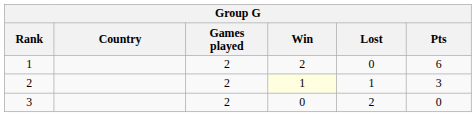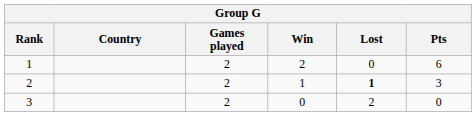 <table class="wikitable" style= "text-align: center; Width:50%">
 <tr>
 <th colspan= 6>Group G</th>
 </tr>
 <tr>
 <th width=2%>Rank</th>
 <th width=10%>Country</th>
 <th width=5%>Games <br> played</th>
 <th width=5%>Win</th>
 <th width=5%>Lost</th>
 <th width=5%>Pts</th>
 </tr>
 <tr>
 <td>1</td>
 <td style= "text-align: left"></td>
 <td>2</td>
 <td>2</td>
 <td>0</td>
 <td>6</td>
 </tr>
 <tr>
 <td>2</td>
 <td style= "text-align: left"></td>
 <td>2</td>
-<td style="background: lightyellow;">1</td>
 <td>1</td>
+<td><strong>1</strong></td>
 <td>3</td>
 </tr>
 <tr>
 <td>3</td>
 <td style= "text-align: left"></td>
 <td>2</td>
 <td>0</td>
 <td>2</td>
 <td>0</td>
 </tr>
 </table>
